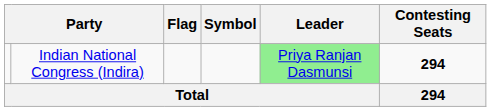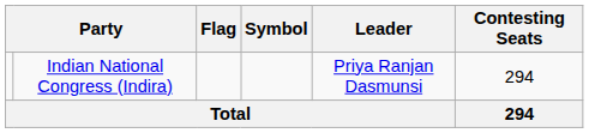 <table class="wikitable" width="60%" style="text-align:center">
 <tr>
 <th colspan="2">Party</th>
 <th>Flag</th>
 <th>Symbol</th>
 <th>Leader</th>
 <th>Contesting Seats</th>
 </tr>
 <tr>
 <td></td>
 <td><a href='#'>Indian National Congress (Indira)</a></td>
 <td></td>
 <td></td>
-<td style="background: lightgreen;"><a href='#'>Priya Ranjan Dasmunsi</a></td>
-<td><strong>294</strong></td>
+<td><a href='#'>Priya Ranjan Dasmunsi</a></td>
+<td>294</td>
 </tr>
 <tr>
 <th colspan=5>Total</th>
 <th>294</th>
 </tr>
 </table>
